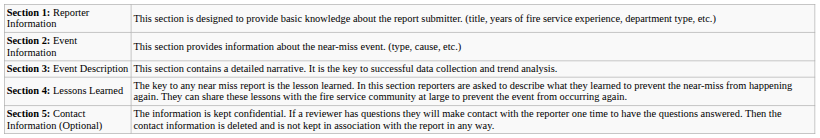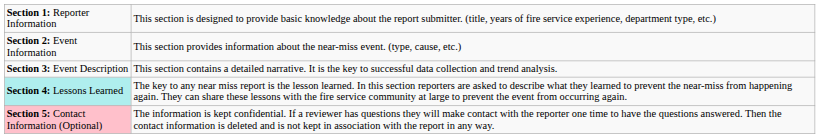 <table class="wikitable">
 <tr>
 <td><strong>Section 1:</strong> Reporter Information</td>
 <td>This section is designed to provide basic knowledge about the report submitter. (title, years of fire service experience, department type, etc.)</td>
 </tr>
 <tr>
 <td><strong>Section 2:</strong> Event Information</td>
 <td>This section provides information about the near-miss event. (type, cause, etc.)</td>
 </tr>
 <tr>
 <td><strong>Section 3:</strong> Event Description</td>
 <td>This section contains a detailed narrative. It is the key to successful data collection and trend analysis.</td>
 </tr>
 <tr>
-<td><strong>Section 4:</strong> Lessons Learned</td>
+<td style="background: paleturquoise;"><strong>Section 4:</strong> Lessons Learned</td>
 <td>The key to any near miss report is the lesson learned. In this section reporters are asked to describe what they learned to prevent the near-miss from happening again. They can share these lessons with the fire service community at large to prevent the event from occurring again.</td>
 </tr>
 <tr>
-<td><strong>Section 5:</strong> Contact Information (Optional)</td>
+<td style="background: pink;"><strong>Section 5:</strong> Contact Information (Optional)</td>
 <td>The information is kept confidential. If a reviewer has questions they will make contact with the reporter one time to have the questions answered. Then the contact information is deleted and is not kept in association with the report in any way.</td>
 </tr>
 </table>
